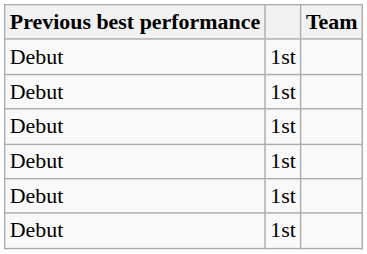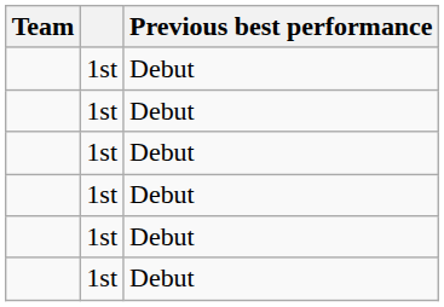 <table class="wikitable sortable">
 <tr>
+<th>Team</th>
+<th data-sort-type="number"></th>
 <th>Previous best performance</th>
-<th data-sort-type="number"></th>
-<th>Team</th>
 </tr>
 <tr>
+<td></td>
+<td style="text-align:center">1st</td>
 <td>Debut</td>
-<td style="text-align:center">1st</td>
-<td></td>
 </tr>
 <tr>
+<td></td>
+<td style="text-align:center">1st</td>
 <td>Debut</td>
-<td style="text-align:center">1st</td>
-<td></td>
 </tr>
 <tr>
+<td></td>
+<td style="text-align:center">1st</td>
 <td>Debut</td>
-<td style="text-align:center">1st</td>
-<td></td>
 </tr>
 <tr>
+<td></td>
+<td style="text-align:center">1st</td>
 <td>Debut</td>
-<td style="text-align:center">1st</td>
-<td></td>
 </tr>
 <tr>
+<td></td>
+<td style="text-align:center">1st</td>
 <td>Debut</td>
-<td style="text-align:center">1st</td>
-<td></td>
 </tr>
 <tr>
+<td></td>
+<td style="text-align:center">1st</td>
 <td>Debut</td>
-<td style="text-align:center">1st</td>
-<td></td>
 </tr>
 </table>
